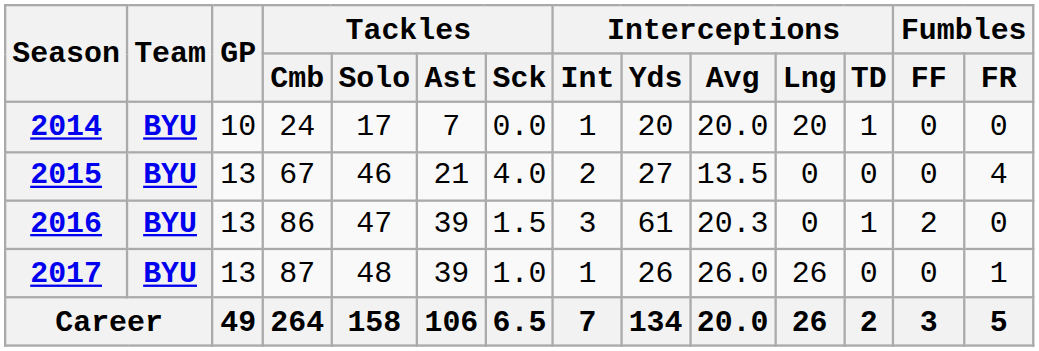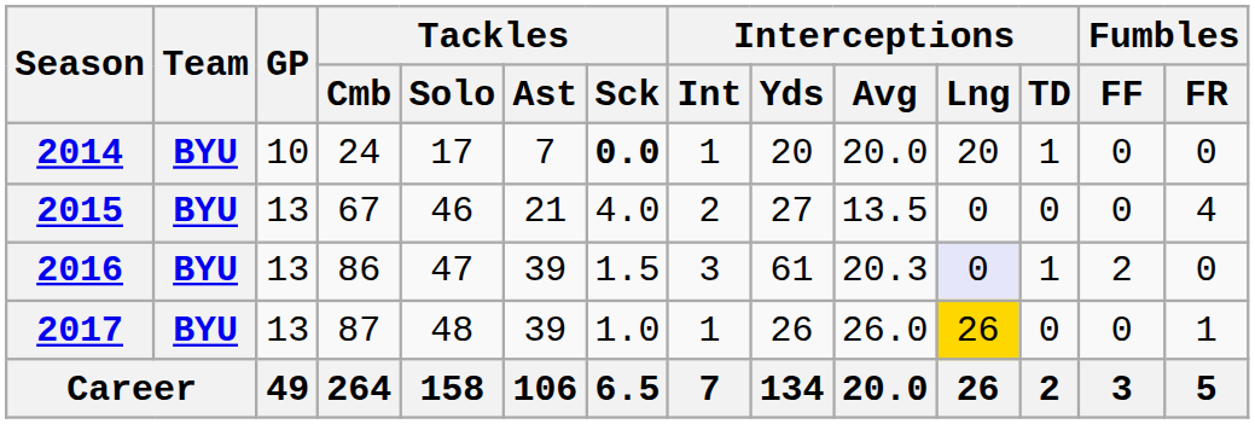 <table class="wikitable" style="text-align:center;">
 <tr>
 <th rowspan="2">Season</th>
 <th rowspan="2">Team</th>
 <th rowspan="2">GP</th>
 <th colspan="4">Tackles</th>
 <th colspan="5">Interceptions</th>
 <th colspan="2">Fumbles</th>
 </tr>
 <tr>
 <th>Cmb</th>
 <th>Solo</th>
 <th>Ast</th>
 <th>Sck</th>
 <th>Int</th>
 <th>Yds</th>
 <th>Avg</th>
 <th>Lng</th>
 <th>TD</th>
 <th>FF</th>
 <th>FR</th>
 </tr>
 <tr>
 <th><a href='#'>2014</a></th>
 <th><a href='#'>BYU</a></th>
 <td>10</td>
 <td>24</td>
 <td>17</td>
 <td>7</td>
-<td>0.0</td>
+<td><strong>0.0</strong></td>
 <td>1</td>
 <td>20</td>
 <td>20.0</td>
 <td>20</td>
 <td>1</td>
 <td>0</td>
 <td>0</td>
 </tr>
 <tr>
 <th><a href='#'>2015</a></th>
 <th><a href='#'>BYU</a></th>
 <td>13</td>
 <td>67</td>
 <td>46</td>
 <td>21</td>
 <td>4.0</td>
 <td>2</td>
 <td>27</td>
 <td>13.5</td>
 <td>0</td>
 <td>0</td>
 <td>0</td>
 <td>4</td>
 </tr>
 <tr>
 <th><a href='#'>2016</a></th>
 <th><a href='#'>BYU</a></th>
 <td>13</td>
 <td>86</td>
 <td>47</td>
 <td>39</td>
 <td>1.5</td>
 <td>3</td>
 <td>61</td>
 <td>20.3</td>
-<td>0</td>
+<td style="background: lavender;">0</td>
 <td>1</td>
 <td>2</td>
 <td>0</td>
 </tr>
 <tr>
 <th><a href='#'>2017</a></th>
 <th><a href='#'>BYU</a></th>
 <td>13</td>
 <td>87</td>
 <td>48</td>
 <td>39</td>
 <td>1.0</td>
 <td>1</td>
 <td>26</td>
 <td>26.0</td>
-<td>26</td>
+<td style="background: gold;">26</td>
 <td>0</td>
 <td>0</td>
 <td>1</td>
 </tr>
 <tr>
 <th colspan="2">Career</th>
 <th>49</th>
 <th>264</th>
 <th>158</th>
 <th>106</th>
 <th>6.5</th>
 <th>7</th>
 <th>134</th>
 <th>20.0</th>
 <th>26</th>
 <th>2</th>
 <th>3</th>
 <th>5</th>
 </tr>
 </table>
